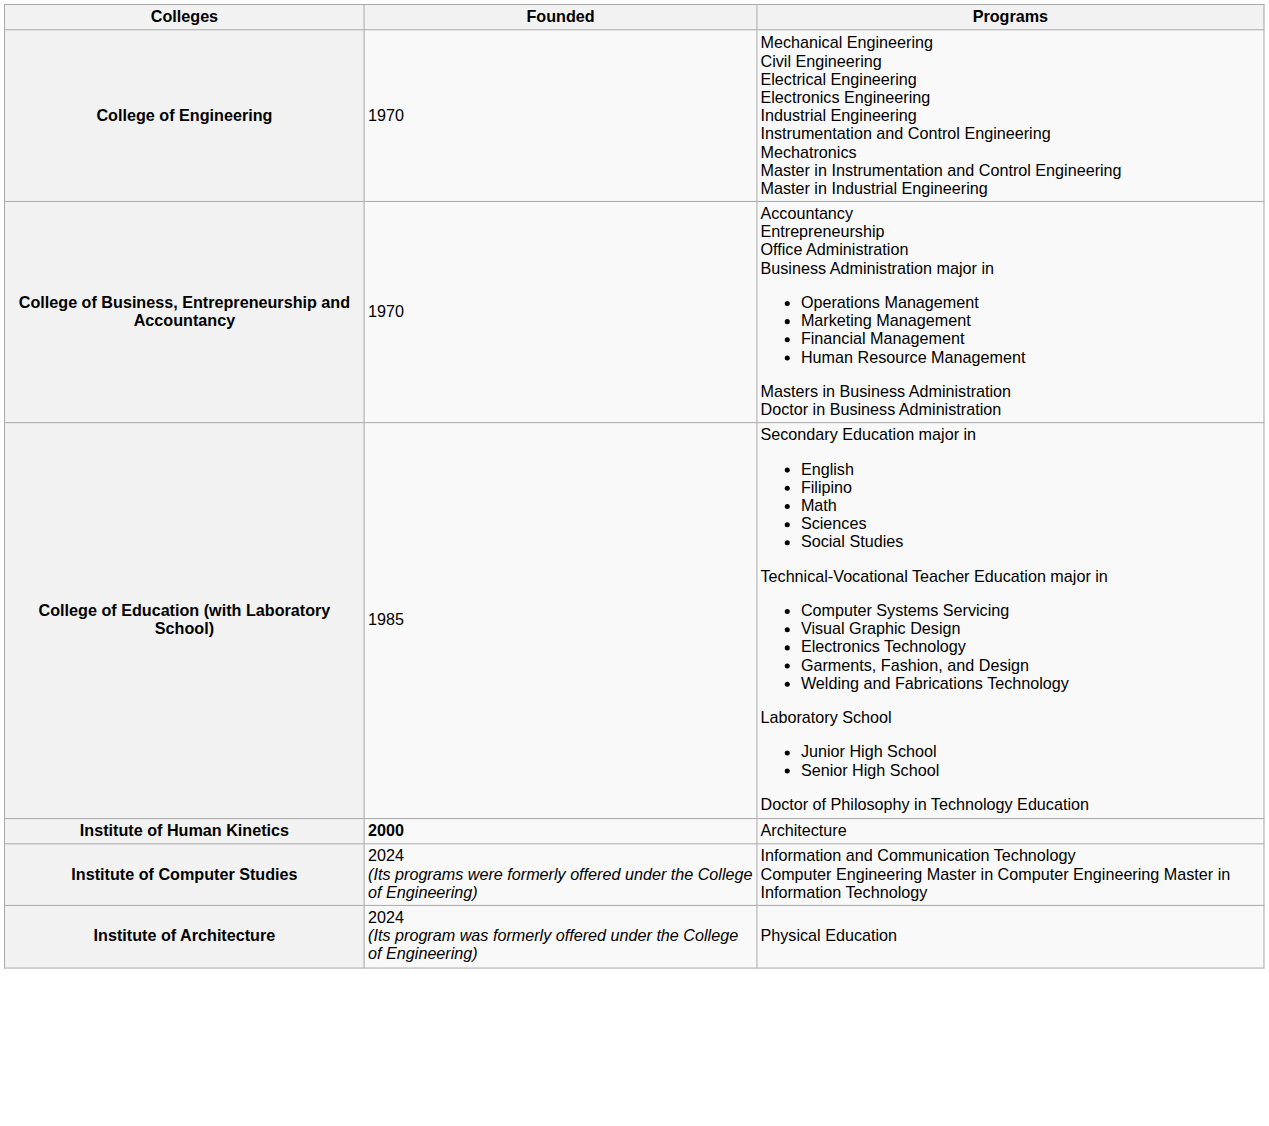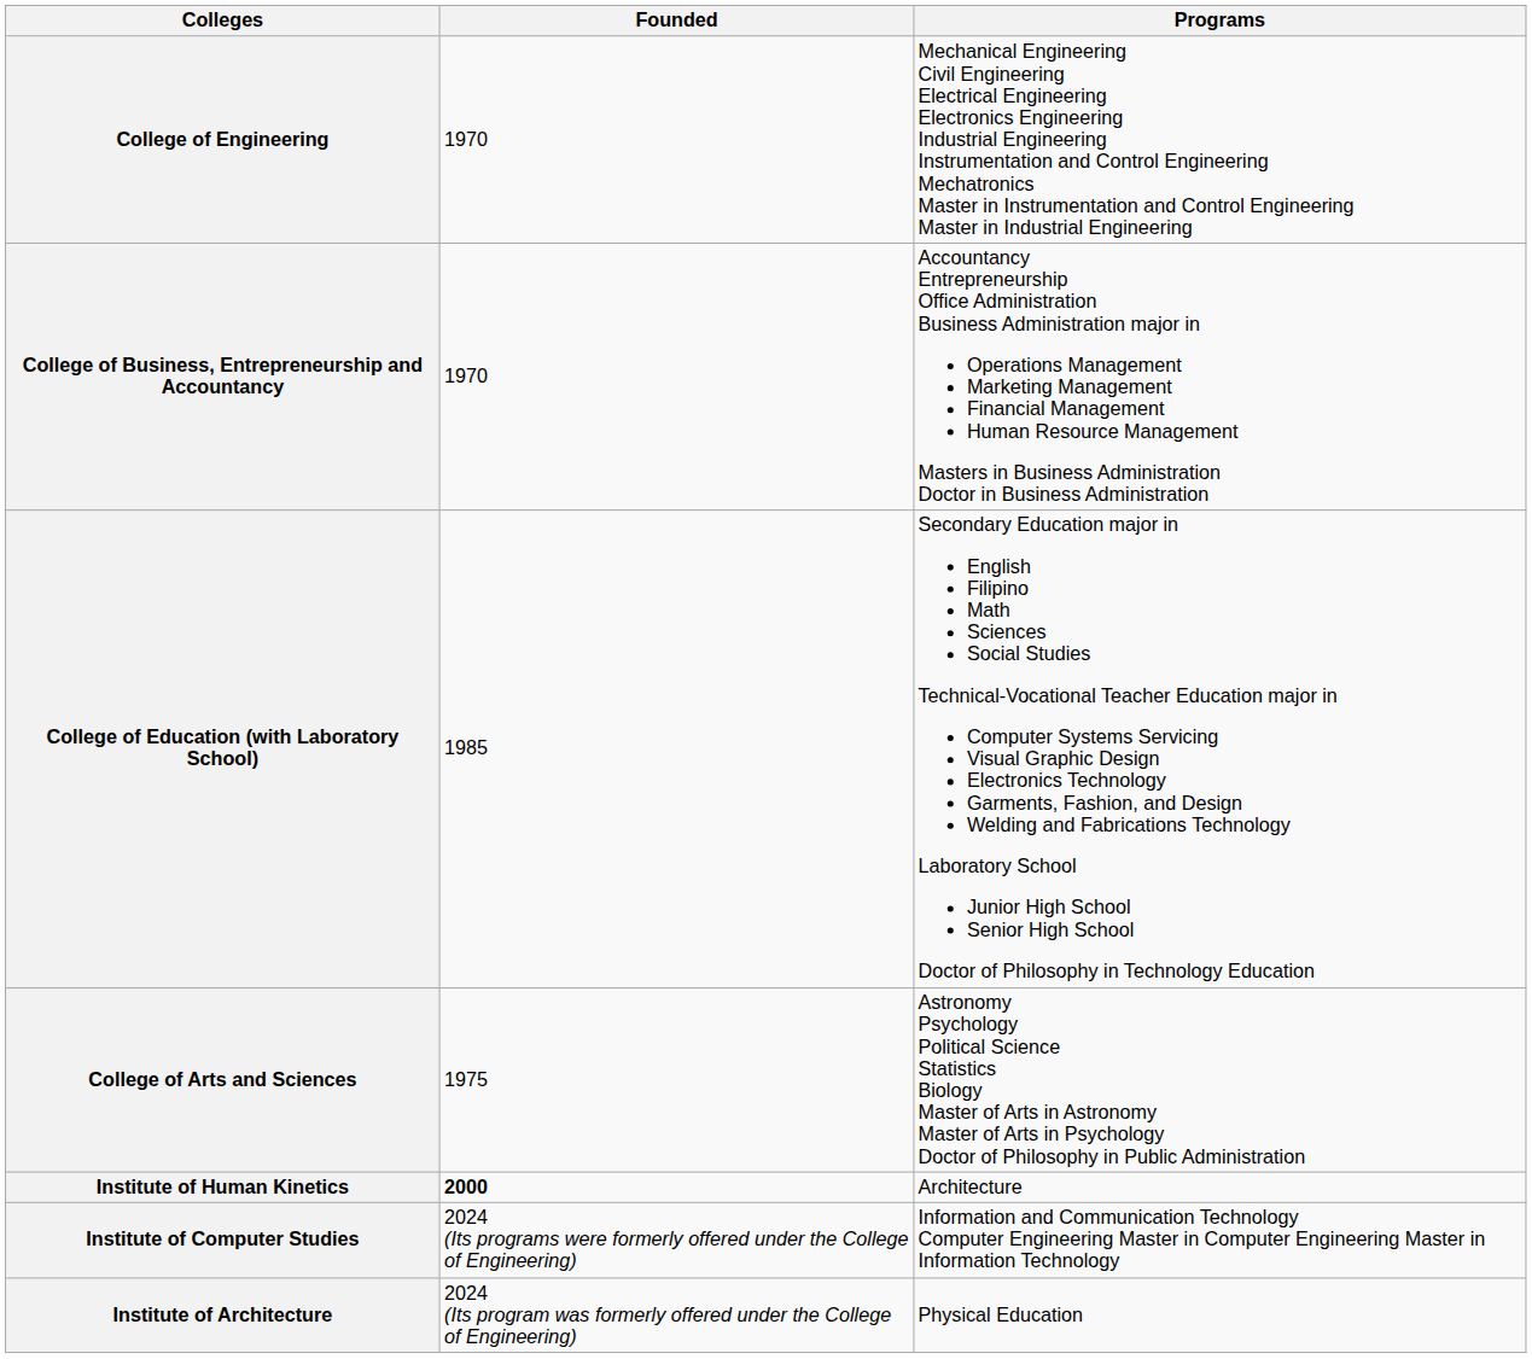 <table class="wikitable">
 <tr>
 <th>Colleges</th>
 <th>Founded</th>
 <th>Programs</th>
 </tr>
 <tr>
 <th>College of Engineering</th>
 <td>1970</td>
 <td>Mechanical Engineering<br>Civil Engineering<br>Electrical Engineering<br>Electronics Engineering<br>Industrial Engineering<br>Instrumentation and Control Engineering<br>Mechatronics<br>Master in Instrumentation and Control Engineering<br>Master in Industrial Engineering</td>
 </tr>
 <tr>
 <th>College of Business, Entrepreneurship and Accountancy</th>
 <td>1970</td>
 <td>Accountancy<br>Entrepreneurship<br>Office Administration<br>Business Administration major in<ul><li>Operations Management</li><li>Marketing Management</li><li>Financial Management</li><li>Human Resource Management</li></ul>Masters in Business Administration<br>Doctor in Business Administration</td>
 </tr>
 <tr>
 <th>College of Education (with Laboratory School)</th>
 <td>1985</td>
 <td>Secondary Education major in<br><ul><li>English</li><li>Filipino</li><li>Math</li><li>Sciences</li><li>Social Studies</li></ul>Technical-Vocational Teacher Education major in<ul><li>Computer Systems Servicing</li><li>Visual Graphic Design</li><li>Electronics Technology</li><li>Garments, Fashion, and Design</li><li>Welding and Fabrications Technology</li></ul>Laboratory School<ul><li>Junior High School</li><li>Senior High School</li></ul>Doctor of Philosophy in Technology Education</td>
 </tr>
 <tr>
+<th><strong>College of Arts and Sciences</strong></th>
+<td>1975</td>
+<td>Astronomy<br>Psychology<br>Political Science<br>Statistics<br>Biology<br>Master of Arts in Astronomy<br>Master of Arts in Psychology<br>Doctor of Philosophy in Public Administration</td>
+</tr>
+<tr>
 <th><strong>Institute of Human Kinetics</strong></th>
 <td><strong>2000</strong></td>
 <td>Architecture</td>
 </tr>
 <tr>
 <th>Institute of Computer Studies</th>
 <td>2024<br><em>(Its programs were formerly offered under the College of Engineering)</em></td>
 <td>Information and Communication Technology<br>Computer Engineering Master in Computer Engineering Master in Information Technology</td>
 </tr>
 <tr>
 <th>Institute of Architecture</th>
 <td>2024<br><em>(Its program was formerly offered under the College of Engineering)</em></td>
 <td>Physical Education</td>
 </tr>
 </table>
